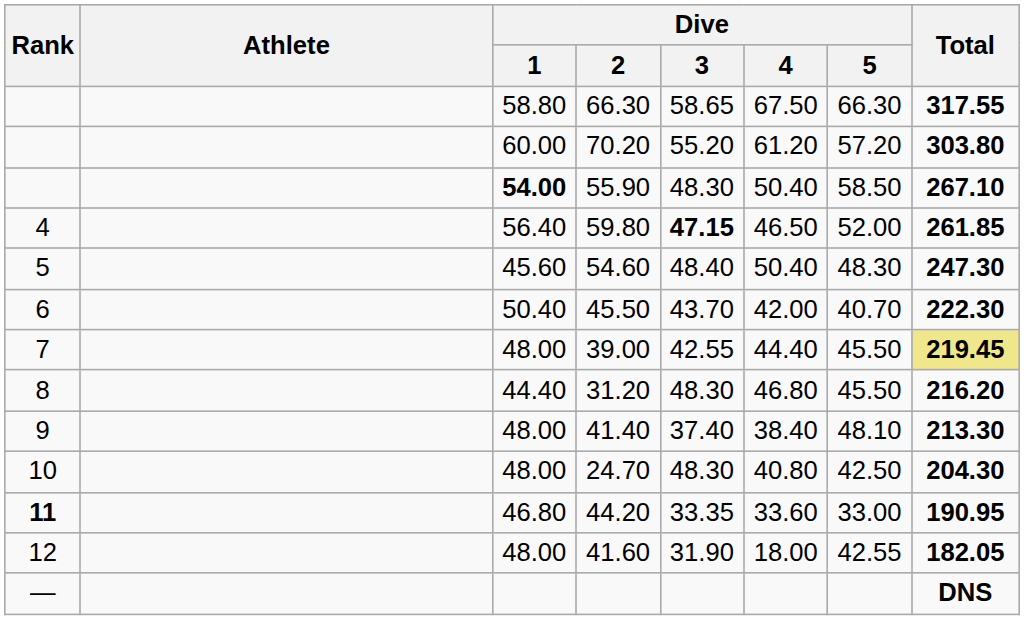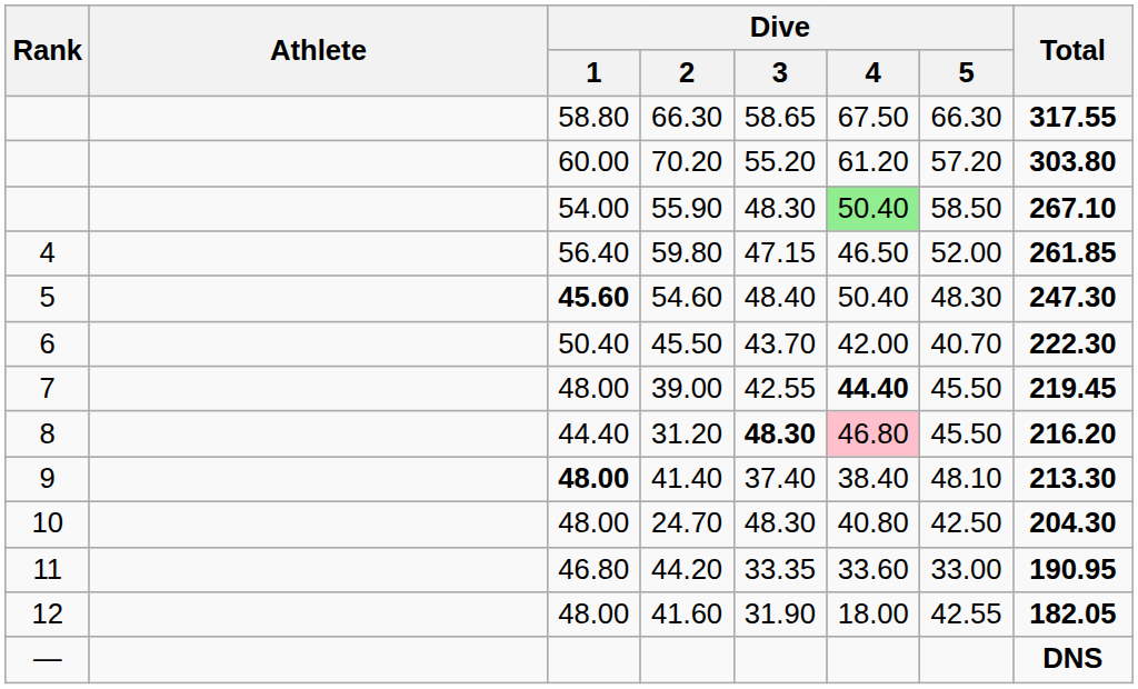 <table class=wikitable style="text-align:center">
 <tr>
 <th rowspan="2" width=40>Rank</th>
 <th rowspan="2" width=250>Athlete</th>
 <th colspan="5">Dive</th>
 <th rowspan="2" width=60>Total</th>
 </tr>
 <tr>
 <th width=45>1</th>
 <th width=45>2</th>
 <th width=45>3</th>
 <th width=45>4</th>
 <th width=45>5</th>
 </tr>
 <tr>
 <td></td>
 <td align=left></td>
 <td>58.80</td>
 <td>66.30</td>
 <td>58.65</td>
 <td>67.50</td>
 <td>66.30</td>
 <td><strong>317.55</strong></td>
 </tr>
 <tr>
 <td></td>
 <td align=left></td>
 <td>60.00</td>
 <td>70.20</td>
 <td>55.20</td>
 <td>61.20</td>
 <td>57.20</td>
 <td><strong>303.80</strong></td>
 </tr>
 <tr>
 <td></td>
 <td align=left></td>
-<td><strong>54.00</strong></td>
+<td>54.00</td>
 <td>55.90</td>
 <td>48.30</td>
-<td>50.40</td>
+<td style="background: lightgreen;">50.40</td>
 <td>58.50</td>
 <td><strong>267.10</strong></td>
 </tr>
 <tr>
 <td>4</td>
 <td align=left></td>
 <td>56.40</td>
 <td>59.80</td>
-<td><strong>47.15</strong></td>
+<td>47.15</td>
 <td>46.50</td>
 <td>52.00</td>
 <td><strong>261.85</strong></td>
 </tr>
 <tr>
 <td>5</td>
 <td align=left></td>
-<td>45.60</td>
+<td><strong>45.60</strong></td>
 <td>54.60</td>
 <td>48.40</td>
 <td>50.40</td>
 <td>48.30</td>
 <td><strong>247.30</strong></td>
 </tr>
 <tr>
 <td>6</td>
 <td align=left></td>
 <td>50.40</td>
 <td>45.50</td>
 <td>43.70</td>
 <td>42.00</td>
 <td>40.70</td>
 <td><strong>222.30</strong></td>
 </tr>
 <tr>
 <td>7</td>
 <td align=left></td>
 <td>48.00</td>
 <td>39.00</td>
 <td>42.55</td>
-<td>44.40</td>
+<td><strong>44.40</strong></td>
 <td>45.50</td>
-<td style="background: khaki;"><strong>219.45</strong></td>
+<td><strong>219.45</strong></td>
 </tr>
 <tr>
 <td>8</td>
 <td align=left></td>
 <td>44.40</td>
 <td>31.20</td>
-<td>48.30</td>
-<td>46.80</td>
+<td><strong>48.30</strong></td>
+<td style="background: pink;">46.80</td>
 <td>45.50</td>
 <td><strong>216.20</strong></td>
 </tr>
 <tr>
 <td>9</td>
 <td align=left></td>
-<td>48.00</td>
+<td><strong>48.00</strong></td>
 <td>41.40</td>
 <td>37.40</td>
 <td>38.40</td>
 <td>48.10</td>
 <td><strong>213.30</strong></td>
 </tr>
 <tr>
 <td>10</td>
 <td align=left></td>
 <td>48.00</td>
 <td>24.70</td>
 <td>48.30</td>
 <td>40.80</td>
 <td>42.50</td>
 <td><strong>204.30</strong></td>
 </tr>
 <tr>
-<td><strong>11</strong></td>
+<td>11</td>
 <td align=left></td>
 <td>46.80</td>
 <td>44.20</td>
 <td>33.35</td>
 <td>33.60</td>
 <td>33.00</td>
 <td><strong>190.95</strong></td>
 </tr>
 <tr>
 <td>12</td>
 <td align=left></td>
 <td>48.00</td>
 <td>41.60</td>
 <td>31.90</td>
 <td>18.00</td>
 <td>42.55</td>
 <td><strong>182.05</strong></td>
 </tr>
 <tr>
 <td>—</td>
 <td align=left></td>
 <td></td>
 <td></td>
 <td></td>
 <td></td>
 <td></td>
 <td><strong>DNS</strong></td>
 </tr>
 </table>
